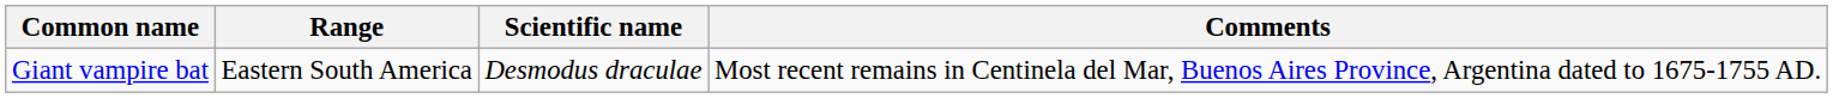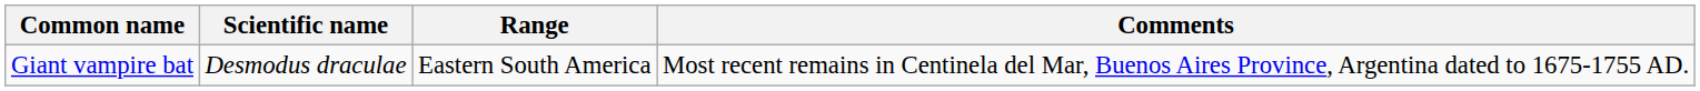 <table class="wikitable">
 <tr>
 <th>Common name</th>
+<th>Scientific name</th>
 <th>Range</th>
-<th>Scientific name</th>
 <th class="unsortable">Comments</th>
 </tr>
 <tr>
 <td><a href='#'>Giant vampire bat</a></td>
+<td><em>Desmodus draculae</em></td>
 <td>Eastern South America</td>
-<td><em>Desmodus draculae</em></td>
 <td>Most recent remains in Centinela del Mar, <a href='#'>Buenos Aires Province</a>, Argentina dated to 1675-1755 AD.</td>
 </tr>
 </table>
